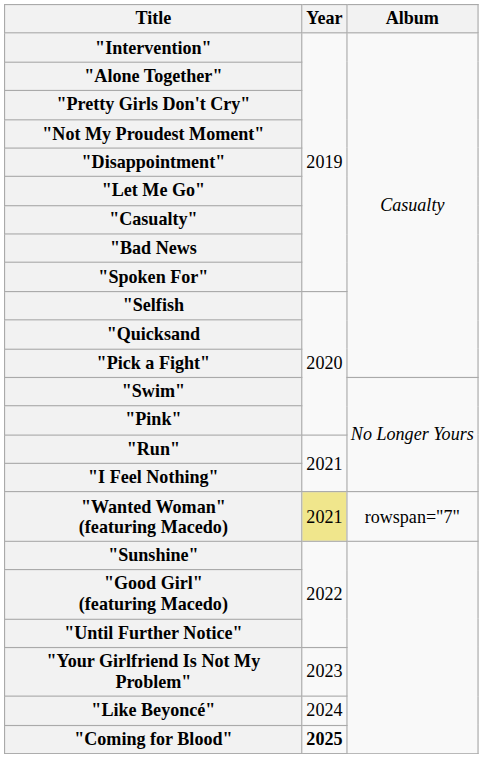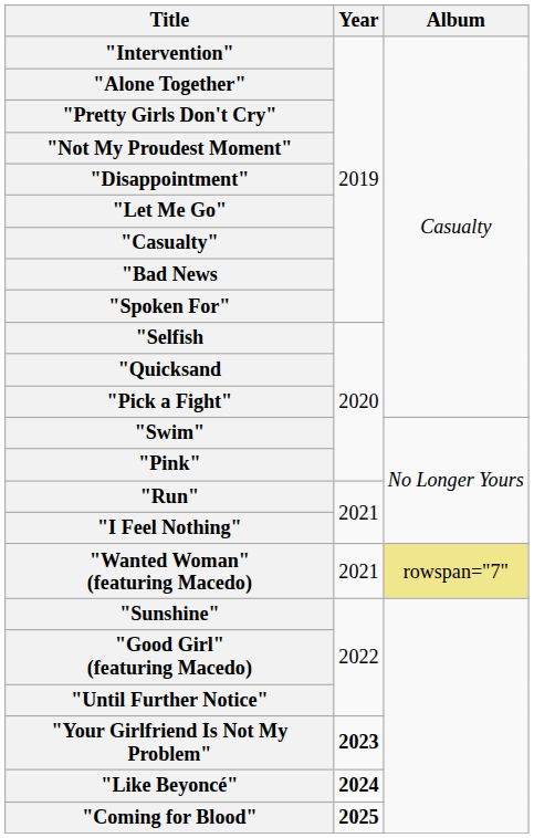 <table class="wikitable plainrowheaders" style="text-align:center">
 <tr>
 <th scope="col" style="width:16em;">Title</th>
 <th scope="col">Year</th>
 <th scope="col">Album</th>
 </tr>
 <tr>
 <th scope="row">"Intervention"</th>
 <td rowspan="9">2019</td>
 <td rowspan="12"><em>Casualty</em></td>
 </tr>
 <tr>
 <th scope="row">"Alone Together"</th>
 </tr>
 <tr>
 <th scope="row">"Pretty Girls Don't Cry"</th>
 </tr>
 <tr>
 <th scope="row">"Not My Proudest Moment"</th>
 </tr>
 <tr>
 <th scope="row">"Disappointment"</th>
 </tr>
 <tr>
 <th scope="row">"Let Me Go"</th>
 </tr>
 <tr>
 <th scope="row">"Casualty"</th>
 </tr>
 <tr>
 <th scope="row">"Bad News</th>
 </tr>
 <tr>
 <th scope="row">"Spoken For"</th>
 </tr>
 <tr>
 <th scope="row">"Selfish</th>
 <td rowspan="5">2020</td>
 </tr>
 <tr>
 <th scope="row">"Quicksand</th>
 </tr>
 <tr>
 <th scope="row">"Pick a Fight"</th>
 </tr>
 <tr>
 <th scope="row">"Swim"</th>
 <td rowspan="4"><em>No Longer Yours</em></td>
 </tr>
 <tr>
 <th scope="row">"Pink"</th>
 </tr>
 <tr>
 <th scope="row">"Run"</th>
 <td rowspan="2">2021</td>
 </tr>
 <tr>
 <th scope="row">"I Feel Nothing"</th>
 </tr>
 <tr>
 <th scope="row">"Wanted Woman"<br><span>(featuring Macedo)</span></th>
-<td style="background: khaki;">2021</td>
-<td>rowspan="7" </td>
+<td>2021</td>
+<td style="background: khaki;">rowspan="7" </td>
 </tr>
 <tr>
 <th scope="row">"Sunshine"</th>
 <td rowspan="3">2022</td>
 </tr>
 <tr>
 <th scope="row">"Good Girl"<br><span>(featuring Macedo)</span></th>
 </tr>
 <tr>
 <th scope="row">"Until Further Notice"</th>
 </tr>
 <tr>
 <th scope="row">"Your Girlfriend Is Not My Problem"</th>
-<td>2023</td>
+<td><strong>2023</strong></td>
 </tr>
 <tr>
 <th scope="row">"Like Beyoncé"</th>
-<td>2024</td>
+<td><strong>2024</strong></td>
 </tr>
 <tr>
 <th scope="row">"Coming for Blood"</th>
 <td><strong>2025</strong></td>
 </tr>
 <tr>
 </tr>
 </table>
